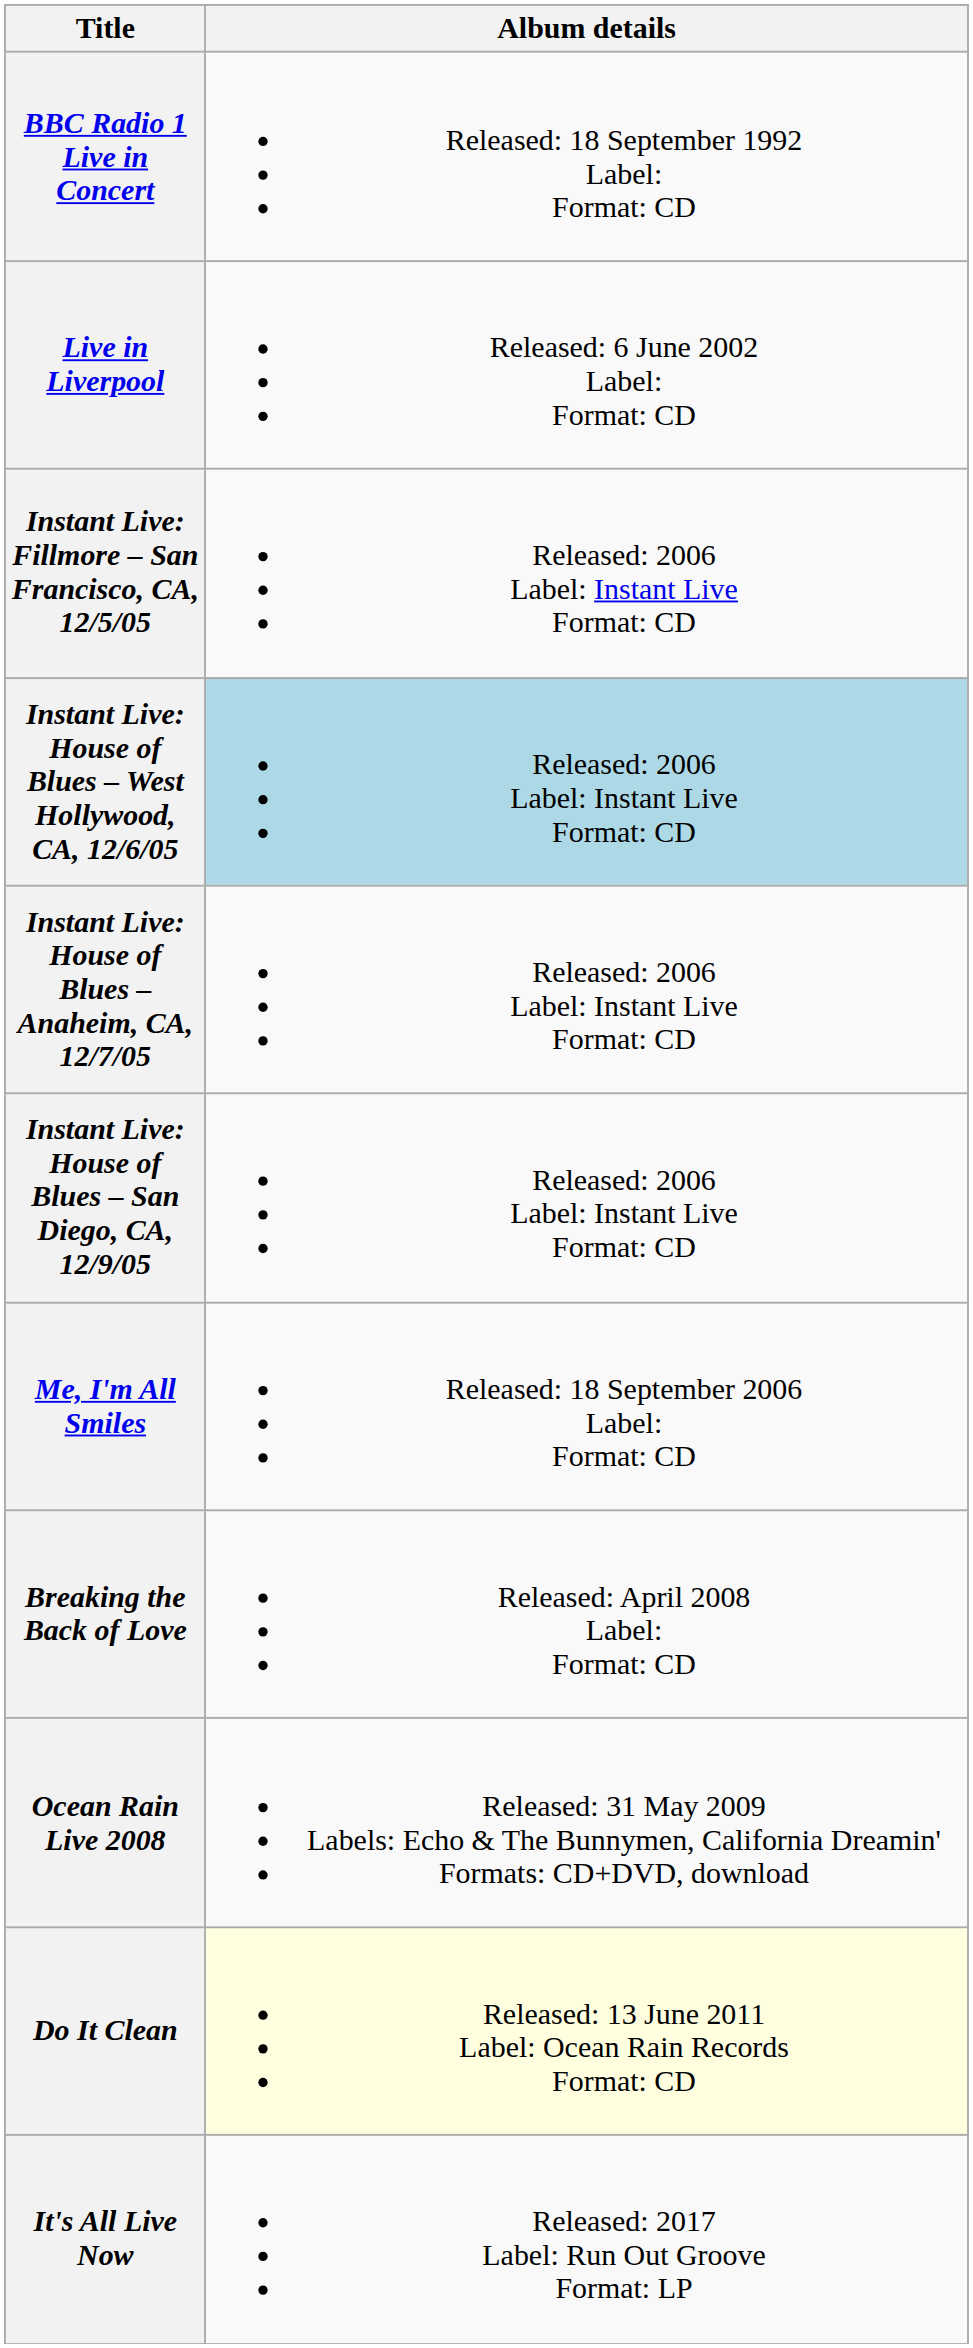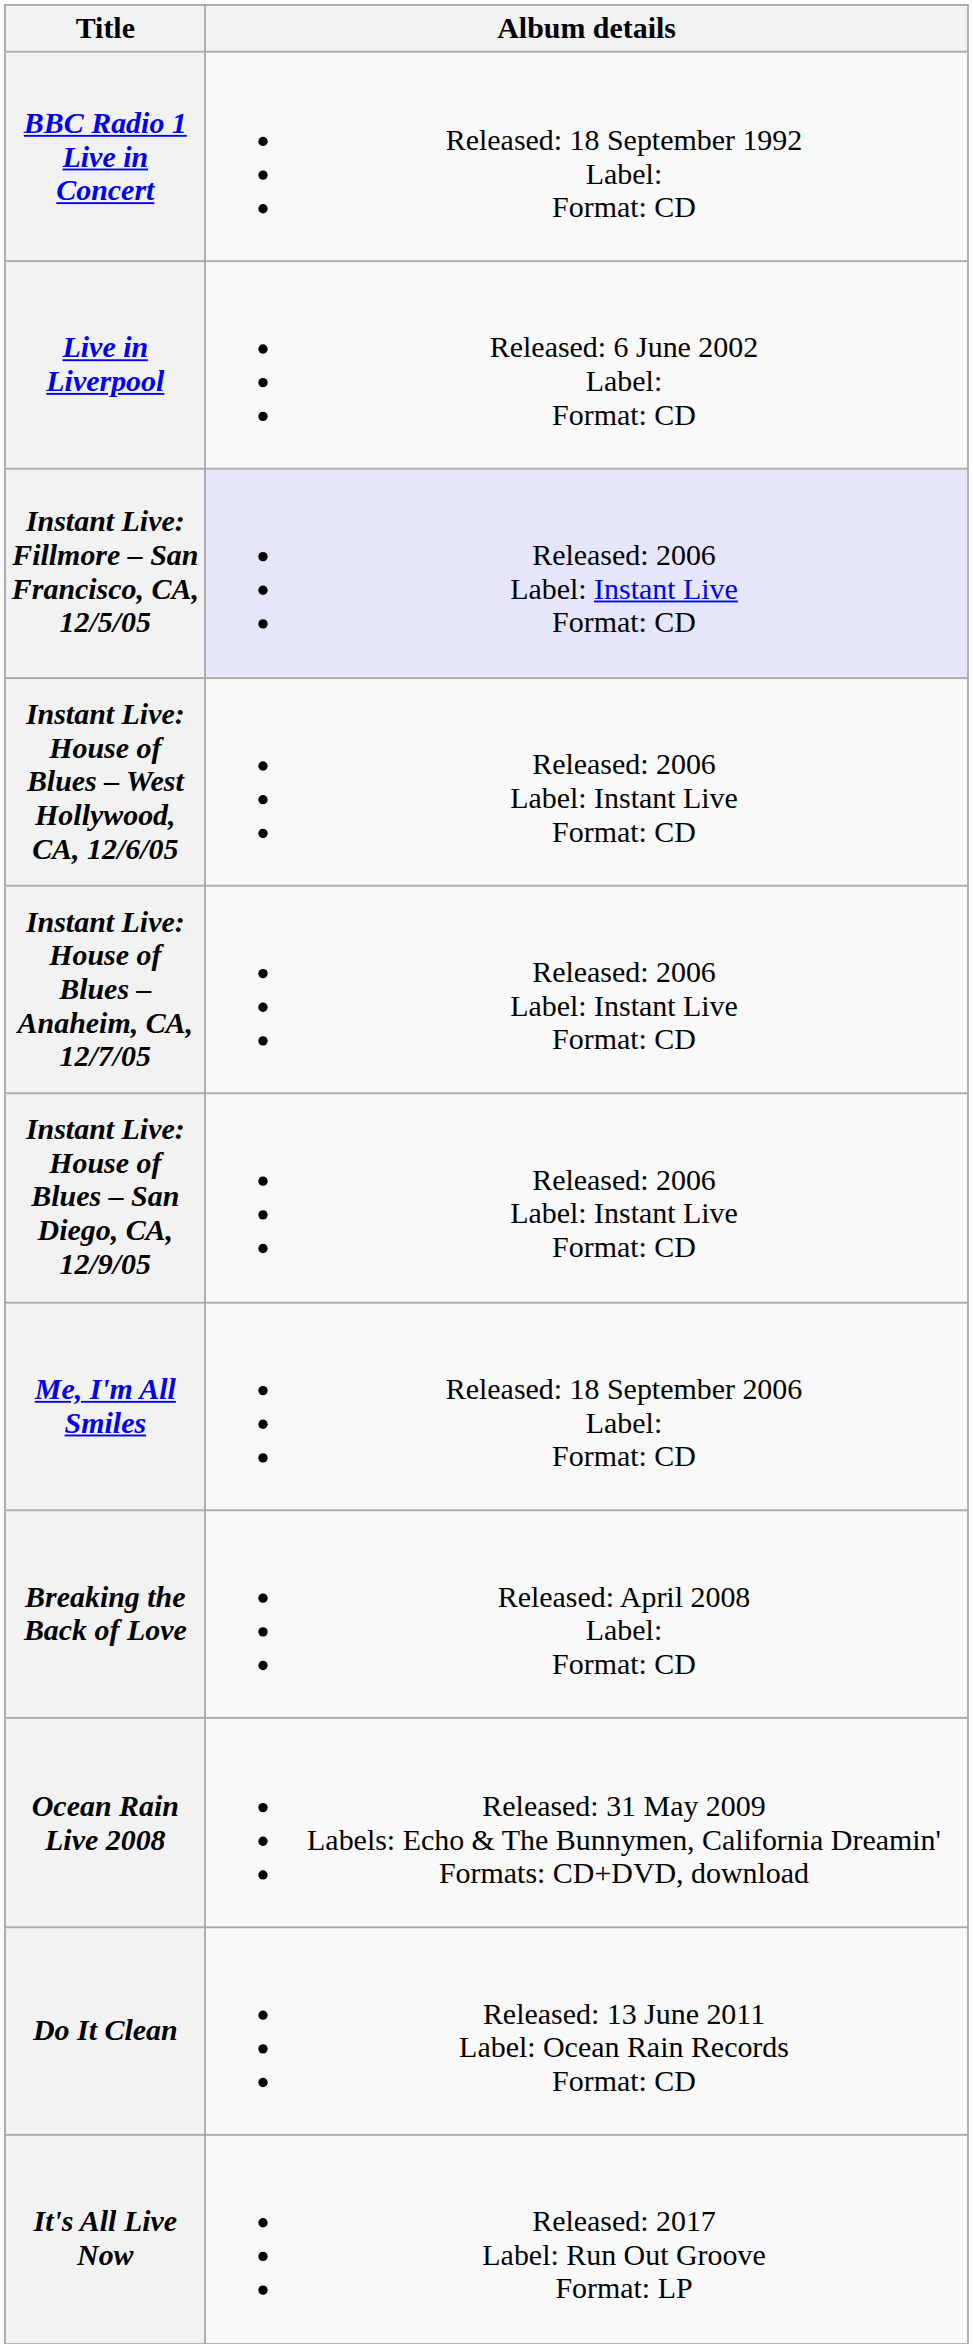 <table class="wikitable plainrowheaders" style="text-align:center;">
 <tr>
 <th scope="col" width="100">Title</th>
 <th scope="col" width="400">Album details</th>
 </tr>
 <tr>
 <th scope="row"><em><a href='#'>BBC Radio 1 Live in Concert</a></em></th>
 <td><br><ul><li>Released: 18 September 1992</li><li>Label: </li><li>Format: CD</li></ul></td>
 </tr>
 <tr>
 <th scope="row"><em><a href='#'>Live in Liverpool</a></em></th>
 <td><br><ul><li>Released: 6 June 2002</li><li>Label: </li><li>Format: CD</li></ul></td>
 </tr>
 <tr>
 <th scope="row"><em>Instant Live: Fillmore – San Francisco, CA, 12/5/05</em></th>
-<td><br><ul><li>Released: 2006</li><li>Label: <a href='#'>Instant Live</a></li><li>Format: CD</li></ul></td>
+<td style="background: lavender;"><br><ul><li>Released: 2006</li><li>Label: <a href='#'>Instant Live</a></li><li>Format: CD</li></ul></td>
 </tr>
 <tr>
 <th scope="row"><em>Instant Live: House of Blues – West Hollywood, CA, 12/6/05</em></th>
-<td style="background: lightblue;"><br><ul><li>Released: 2006</li><li>Label: Instant Live</li><li>Format: CD</li></ul></td>
+<td><br><ul><li>Released: 2006</li><li>Label: Instant Live</li><li>Format: CD</li></ul></td>
 </tr>
 <tr>
 <th scope="row"><em>Instant Live: House of Blues – Anaheim, CA, 12/7/05</em></th>
 <td><br><ul><li>Released: 2006</li><li>Label: Instant Live</li><li>Format: CD</li></ul></td>
 </tr>
 <tr>
 <th scope="row"><em>Instant Live: House of Blues – San Diego, CA, 12/9/05</em></th>
 <td><br><ul><li>Released: 2006</li><li>Label: Instant Live</li><li>Format: CD</li></ul></td>
 </tr>
 <tr>
 <th scope="row"><em><a href='#'>Me, I'm All Smiles</a></em></th>
 <td><br><ul><li>Released: 18 September 2006</li><li>Label: </li><li>Format: CD</li></ul></td>
 </tr>
 <tr>
 <th scope="row"><em>Breaking the Back of Love</em></th>
 <td><br><ul><li>Released: April 2008</li><li>Label: </li><li>Format: CD</li></ul></td>
 </tr>
 <tr>
 <th scope="row"><em>Ocean Rain Live 2008</em></th>
 <td><br><ul><li>Released: 31 May 2009</li><li>Labels: Echo & The Bunnymen, California Dreamin'</li><li>Formats: CD+DVD, download</li></ul></td>
 </tr>
 <tr>
 <th scope="row"><em>Do It Clean</em></th>
-<td style="background: lightyellow;"><br><ul><li>Released: 13 June 2011</li><li>Label: Ocean Rain Records</li><li>Format: CD</li></ul></td>
+<td><br><ul><li>Released: 13 June 2011</li><li>Label: Ocean Rain Records</li><li>Format: CD</li></ul></td>
 </tr>
 <tr>
 <th scope="row"><em>It's All Live Now</em></th>
 <td><br><ul><li>Released: 2017</li><li>Label: Run Out Groove</li><li>Format: LP</li></ul></td>
 </tr>
 <tr>
 </tr>
 </table>
